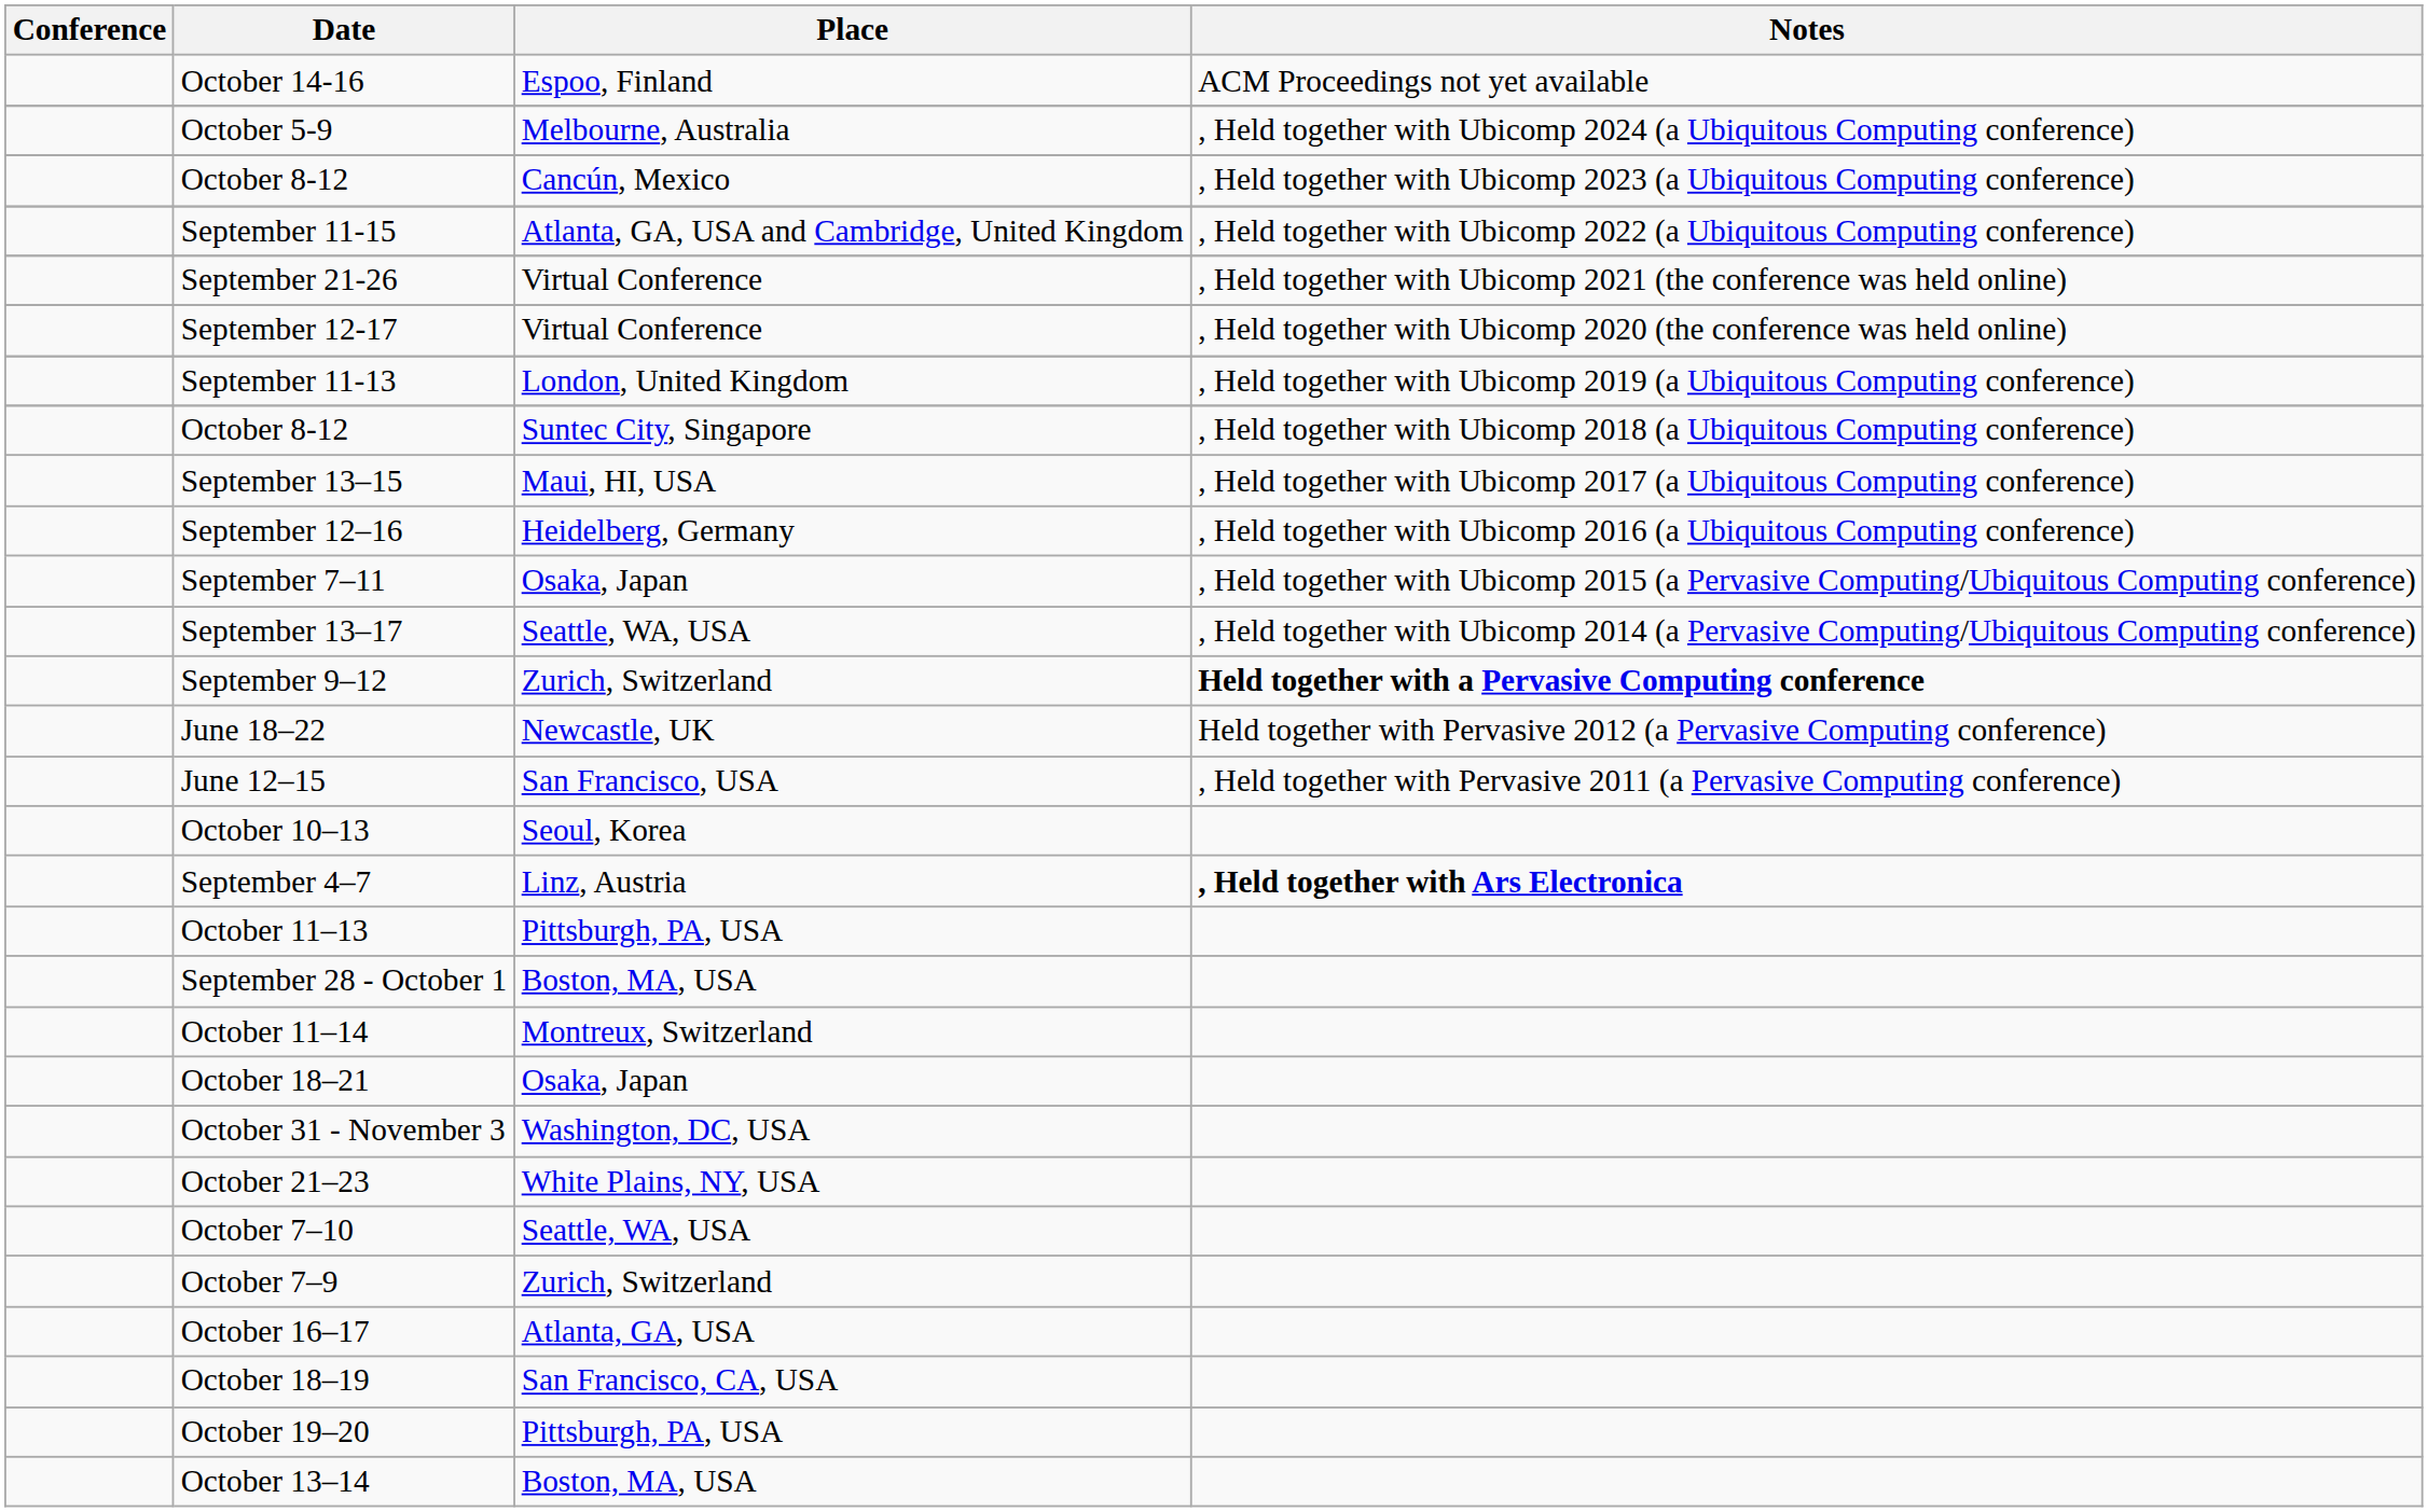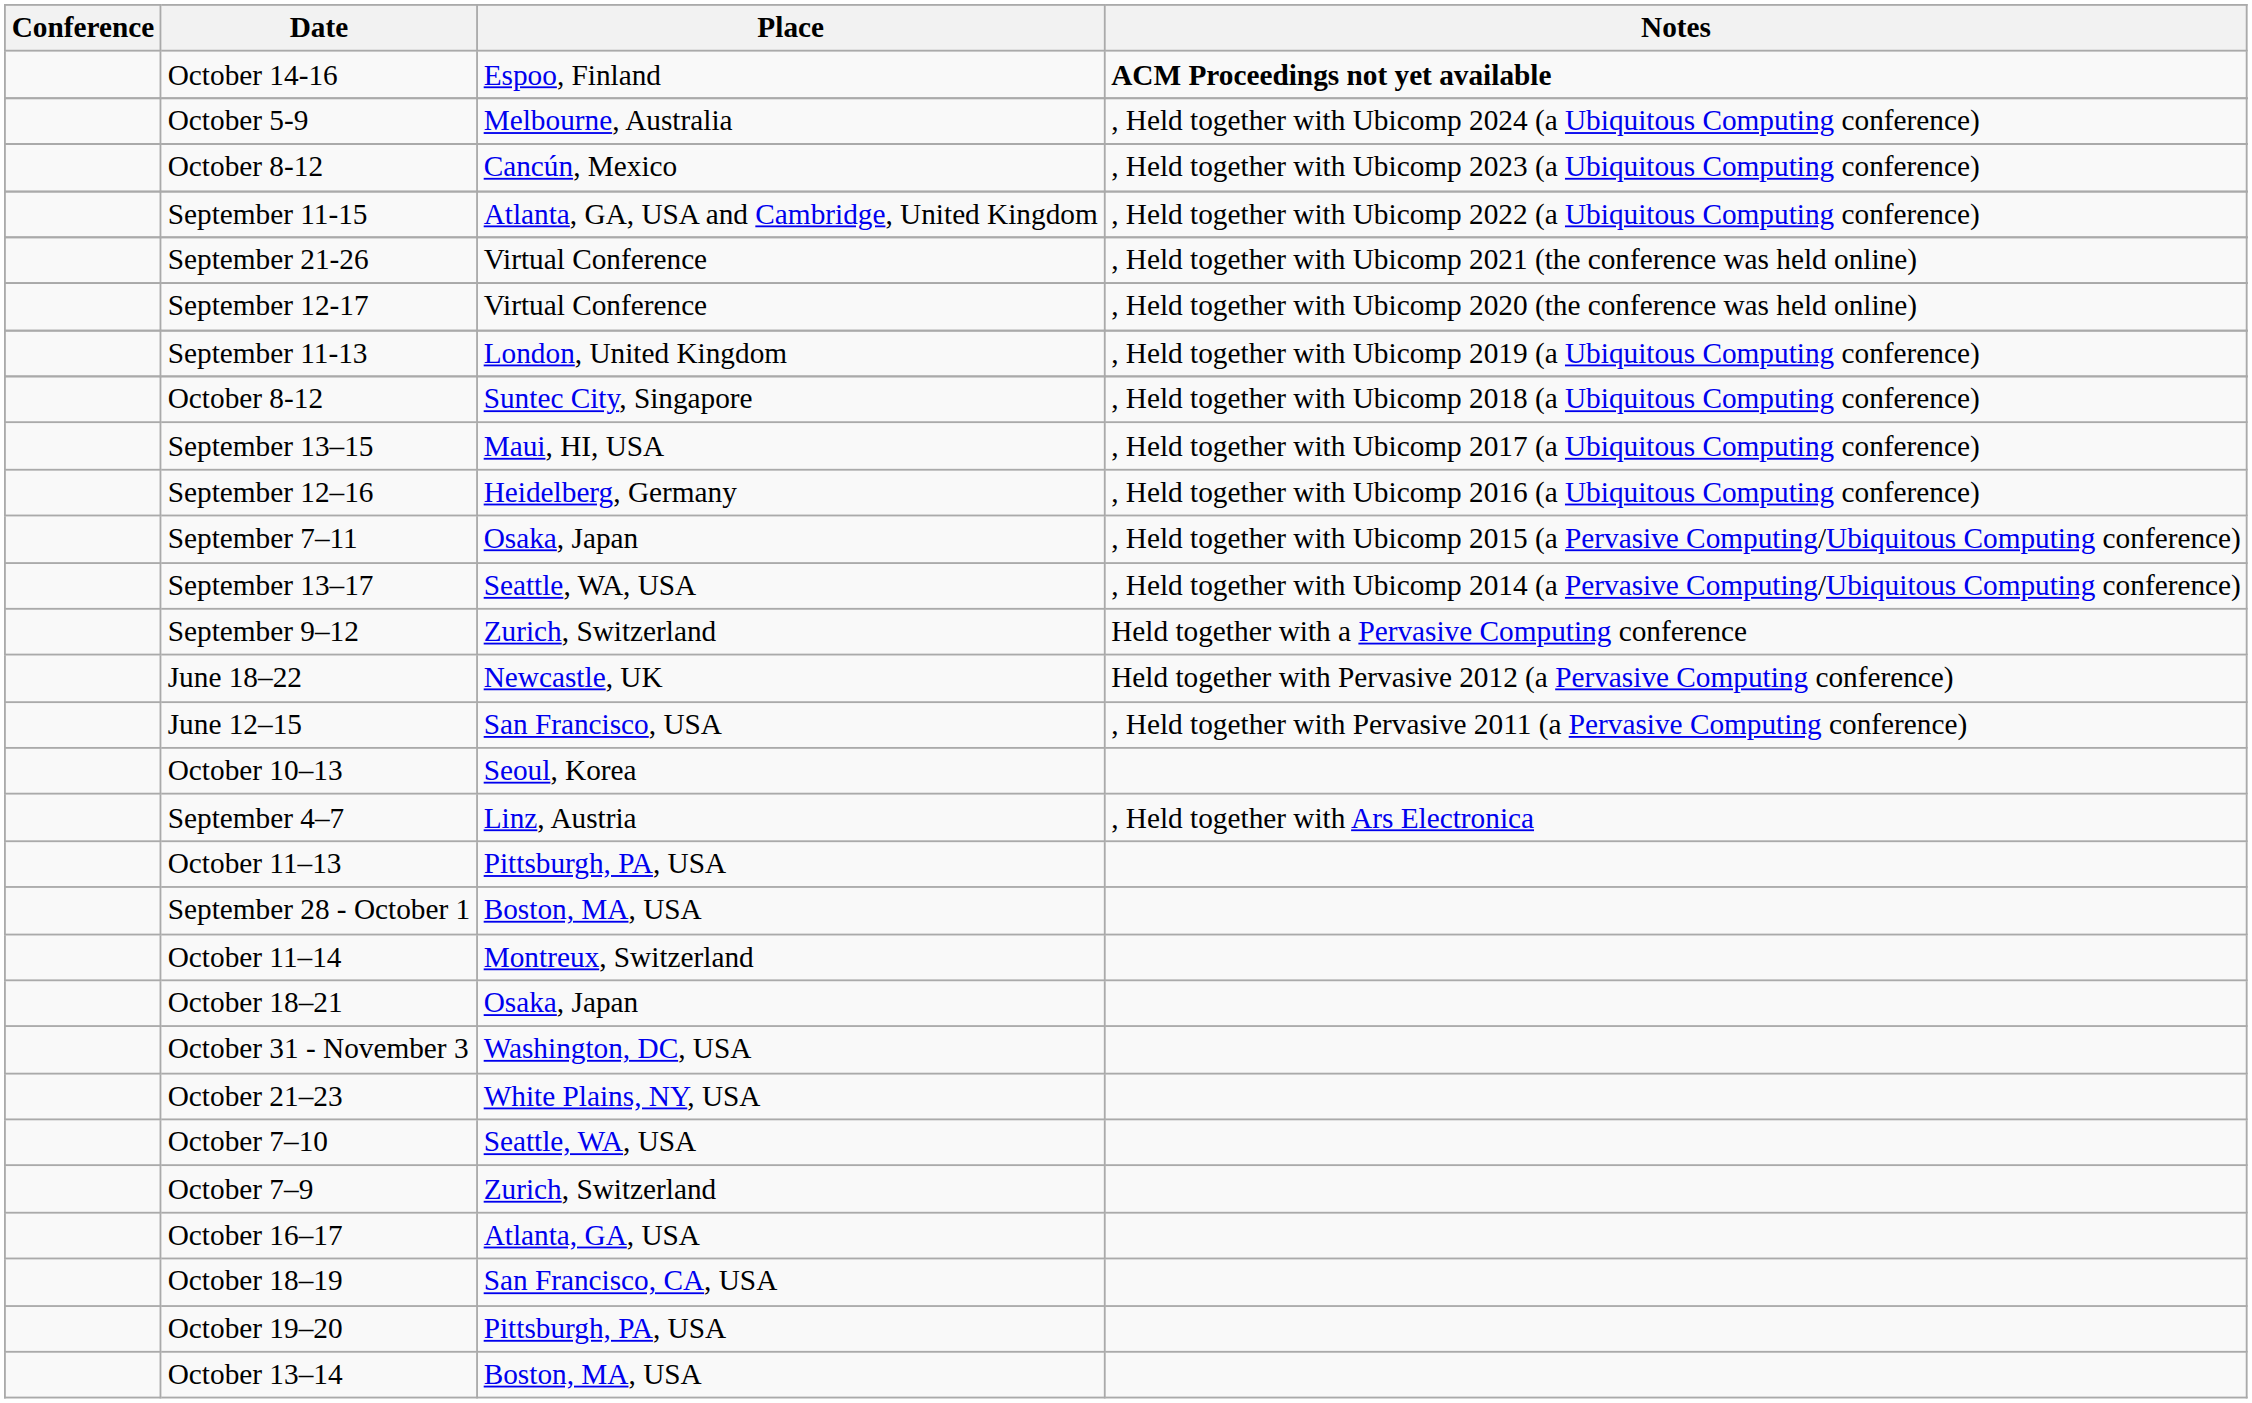 <table class="wikitable">
 <tr>
 <th>Conference</th>
 <th>Date</th>
 <th>Place</th>
 <th>Notes</th>
 </tr>
 <tr>
 <td></td>
 <td>October 14-16</td>
 <td> <a href='#'>Espoo</a>, Finland</td>
-<td>ACM Proceedings not yet available</td>
+<td><strong>ACM Proceedings not yet available</strong></td>
 </tr>
 <tr>
 </tr>
 <tr>
 <td></td>
 <td>October 5-9</td>
 <td> <a href='#'>Melbourne</a>, Australia</td>
 <td>, Held together with Ubicomp 2024 (a <a href='#'>Ubiquitous Computing</a> conference)</td>
 </tr>
 <tr>
 </tr>
 <tr>
 <td></td>
 <td>October 8-12</td>
 <td> <a href='#'>Cancún</a>, Mexico</td>
 <td>, Held together with Ubicomp 2023 (a <a href='#'>Ubiquitous Computing</a> conference)</td>
 </tr>
 <tr>
 </tr>
 <tr>
 <td></td>
 <td>September 11-15</td>
 <td> <a href='#'>Atlanta</a>, GA, USA and  <a href='#'>Cambridge</a>, United Kingdom</td>
 <td>, Held together with Ubicomp 2022 (a <a href='#'>Ubiquitous Computing</a> conference)</td>
 </tr>
 <tr>
 </tr>
 <tr>
 <td></td>
 <td>September 21-26</td>
 <td>Virtual Conference</td>
 <td>, Held together with Ubicomp 2021 (the conference was held online)</td>
 </tr>
 <tr>
 </tr>
 <tr>
 <td></td>
 <td>September 12-17</td>
 <td>Virtual Conference</td>
 <td>, Held together with Ubicomp 2020 (the conference was held online)</td>
 </tr>
 <tr>
 </tr>
 <tr>
 <td></td>
 <td>September 11-13</td>
 <td> <a href='#'>London</a>, United Kingdom</td>
 <td>, Held together with Ubicomp 2019 (a <a href='#'>Ubiquitous Computing</a> conference)</td>
 </tr>
 <tr>
 </tr>
 <tr>
 <td></td>
 <td>October 8-12</td>
 <td> <a href='#'>Suntec City</a>, Singapore</td>
 <td>, Held together with Ubicomp 2018 (a <a href='#'>Ubiquitous Computing</a> conference)</td>
 </tr>
 <tr>
 <td></td>
 <td>September 13–15</td>
 <td> <a href='#'>Maui</a>, HI, USA</td>
 <td>, Held together with Ubicomp 2017 (a <a href='#'>Ubiquitous Computing</a> conference)</td>
 </tr>
 <tr>
 <td></td>
 <td>September 12–16</td>
 <td> <a href='#'>Heidelberg</a>, Germany</td>
 <td>, Held together with Ubicomp 2016 (a <a href='#'>Ubiquitous Computing</a> conference)</td>
 </tr>
 <tr>
 <td></td>
 <td>September 7–11</td>
 <td> <a href='#'>Osaka</a>, Japan</td>
 <td>, Held together with Ubicomp 2015 (a <a href='#'>Pervasive Computing</a>/<a href='#'>Ubiquitous Computing</a> conference)</td>
 </tr>
 <tr>
 <td></td>
 <td>September 13–17</td>
 <td> <a href='#'>Seattle</a>, WA, USA</td>
 <td>, Held together with Ubicomp 2014 (a <a href='#'>Pervasive Computing</a>/<a href='#'>Ubiquitous Computing</a> conference)</td>
 </tr>
 <tr>
 <td></td>
 <td>September 9–12</td>
 <td> <a href='#'>Zurich</a>, Switzerland</td>
-<td><strong>Held together with a <a href='#'>Pervasive Computing</a> conference</strong></td>
+<td>Held together with a <a href='#'>Pervasive Computing</a> conference</td>
 </tr>
 <tr>
 <td></td>
 <td>June 18–22</td>
 <td> <a href='#'>Newcastle</a>, UK</td>
 <td>Held together with Pervasive 2012 (a <a href='#'>Pervasive Computing</a> conference)</td>
 </tr>
 <tr>
 <td></td>
 <td>June 12–15</td>
 <td> <a href='#'>San Francisco</a>, USA</td>
 <td>, Held together with Pervasive 2011 (a <a href='#'>Pervasive Computing</a> conference)</td>
 </tr>
 <tr>
 <td></td>
 <td>October 10–13</td>
 <td> <a href='#'>Seoul</a>, Korea</td>
 <td></td>
 </tr>
 <tr>
 <td></td>
 <td>September 4–7</td>
 <td> <a href='#'>Linz</a>, Austria</td>
-<td><strong>, Held together with <a href='#'>Ars Electronica</a></strong></td>
+<td>, Held together with <a href='#'>Ars Electronica</a></td>
 </tr>
 <tr>
 <td></td>
 <td>October 11–13</td>
 <td> <a href='#'>Pittsburgh, PA</a>, USA</td>
 <td></td>
 </tr>
 <tr>
 <td> </td>
 <td>September 28 - October 1</td>
 <td> <a href='#'>Boston, MA</a>, USA</td>
 <td></td>
 </tr>
 <tr>
 <td></td>
 <td>October 11–14</td>
 <td> <a href='#'>Montreux</a>, Switzerland</td>
 <td></td>
 </tr>
 <tr>
 <td></td>
 <td>October 18–21</td>
 <td> <a href='#'>Osaka</a>, Japan</td>
 <td></td>
 </tr>
 <tr>
 <td></td>
 <td>October 31 - November 3</td>
 <td> <a href='#'>Washington, DC</a>, USA</td>
 <td></td>
 </tr>
 <tr>
 <td></td>
 <td>October 21–23</td>
 <td> <a href='#'>White Plains, NY</a>, USA</td>
 <td></td>
 </tr>
 <tr>
 <td></td>
 <td>October 7–10</td>
 <td> <a href='#'>Seattle, WA</a>, USA</td>
 <td></td>
 </tr>
 <tr>
 <td> </td>
 <td>October 7–9</td>
 <td> <a href='#'>Zurich</a>, Switzerland</td>
 <td></td>
 </tr>
 <tr>
 <td></td>
 <td>October 16–17</td>
 <td> <a href='#'>Atlanta, GA</a>, USA</td>
 <td></td>
 </tr>
 <tr>
 <td></td>
 <td>October 18–19</td>
 <td> <a href='#'>San Francisco, CA</a>, USA</td>
 <td></td>
 </tr>
 <tr>
 <td></td>
 <td>October 19–20</td>
 <td> <a href='#'>Pittsburgh, PA</a>, USA</td>
 <td></td>
 </tr>
 <tr>
 <td></td>
 <td>October 13–14</td>
 <td> <a href='#'>Boston, MA</a>, USA</td>
 <td></td>
 </tr>
 </table>
